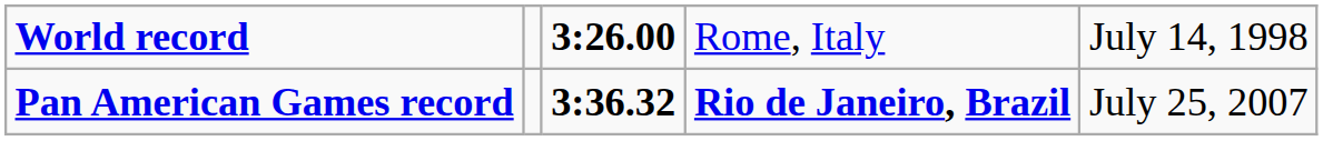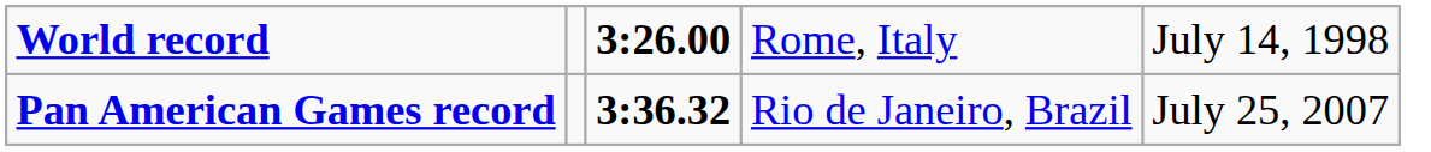 <table class="wikitable">
 <tr>
 <td><strong><a href='#'>World record</a></strong></td>
 <td></td>
 <td><strong>3:26.00</strong></td>
 <td><a href='#'>Rome</a>, <a href='#'>Italy</a></td>
 <td>July 14, 1998</td>
 </tr>
 <tr>
 <td><strong><a href='#'>Pan American Games record</a></strong></td>
 <td></td>
 <td><strong>3:36.32</strong></td>
-<td><strong><a href='#'>Rio de Janeiro</a>, <a href='#'>Brazil</a></strong></td>
+<td><a href='#'>Rio de Janeiro</a>, <a href='#'>Brazil</a></td>
 <td>July 25, 2007</td>
 </tr>
 </table>
